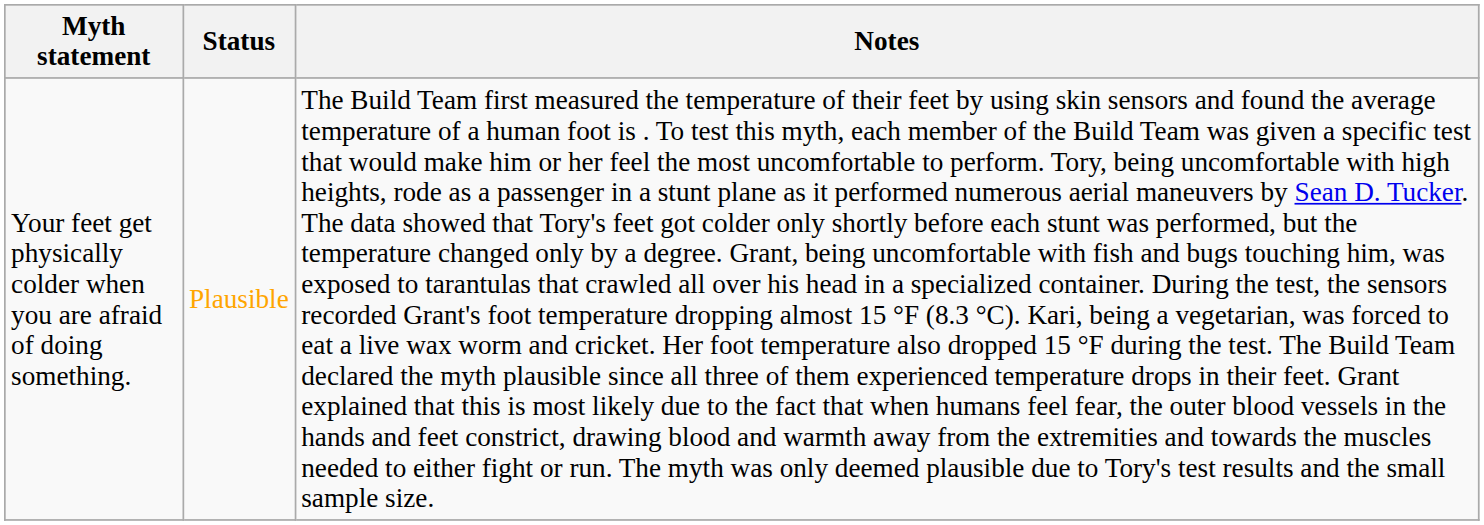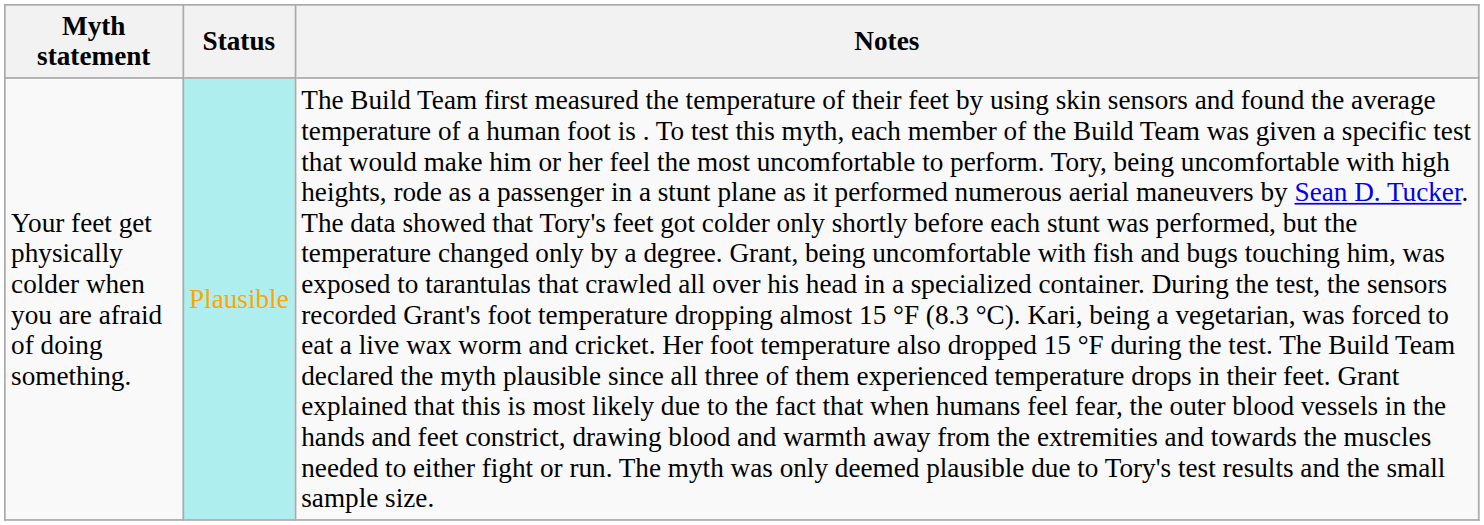 <table class="wikitable plainrowheaders">
 <tr>
 <th>Myth statement</th>
 <th>Status</th>
 <th>Notes</th>
 </tr>
 <tr>
 <td>Your feet get physically colder when you are afraid of doing something.</td>
-<td style="color:orange">Plausible</td>
+<td style="background: paleturquoise; color:orange">Plausible</td>
 <td>The Build Team first measured the temperature of their feet by using skin sensors and found the average temperature of a human foot is . To test this myth, each member of the Build Team was given a specific test that would make him or her feel the most uncomfortable to perform. Tory, being uncomfortable with high heights, rode as a passenger in a stunt plane as it performed numerous aerial maneuvers by <a href='#'>Sean D. Tucker</a>. The data showed that Tory's feet got colder only shortly before each stunt was performed, but the temperature changed only by a degree. Grant, being uncomfortable with fish and bugs touching him, was exposed to tarantulas that crawled all over his head in a specialized container. During the test, the sensors recorded Grant's foot temperature dropping almost 15 °F (8.3 °C). Kari, being a vegetarian, was forced to eat a live wax worm and cricket. Her foot temperature also dropped 15 °F during the test. The Build Team declared the myth plausible since all three of them experienced temperature drops in their feet. Grant explained that this is most likely due to the fact that when humans feel fear, the outer blood vessels in the hands and feet constrict, drawing blood and warmth away from the extremities and towards the muscles needed to either fight or run. The myth was only deemed plausible due to Tory's test results and the small sample size.</td>
 </tr>
 </table>
